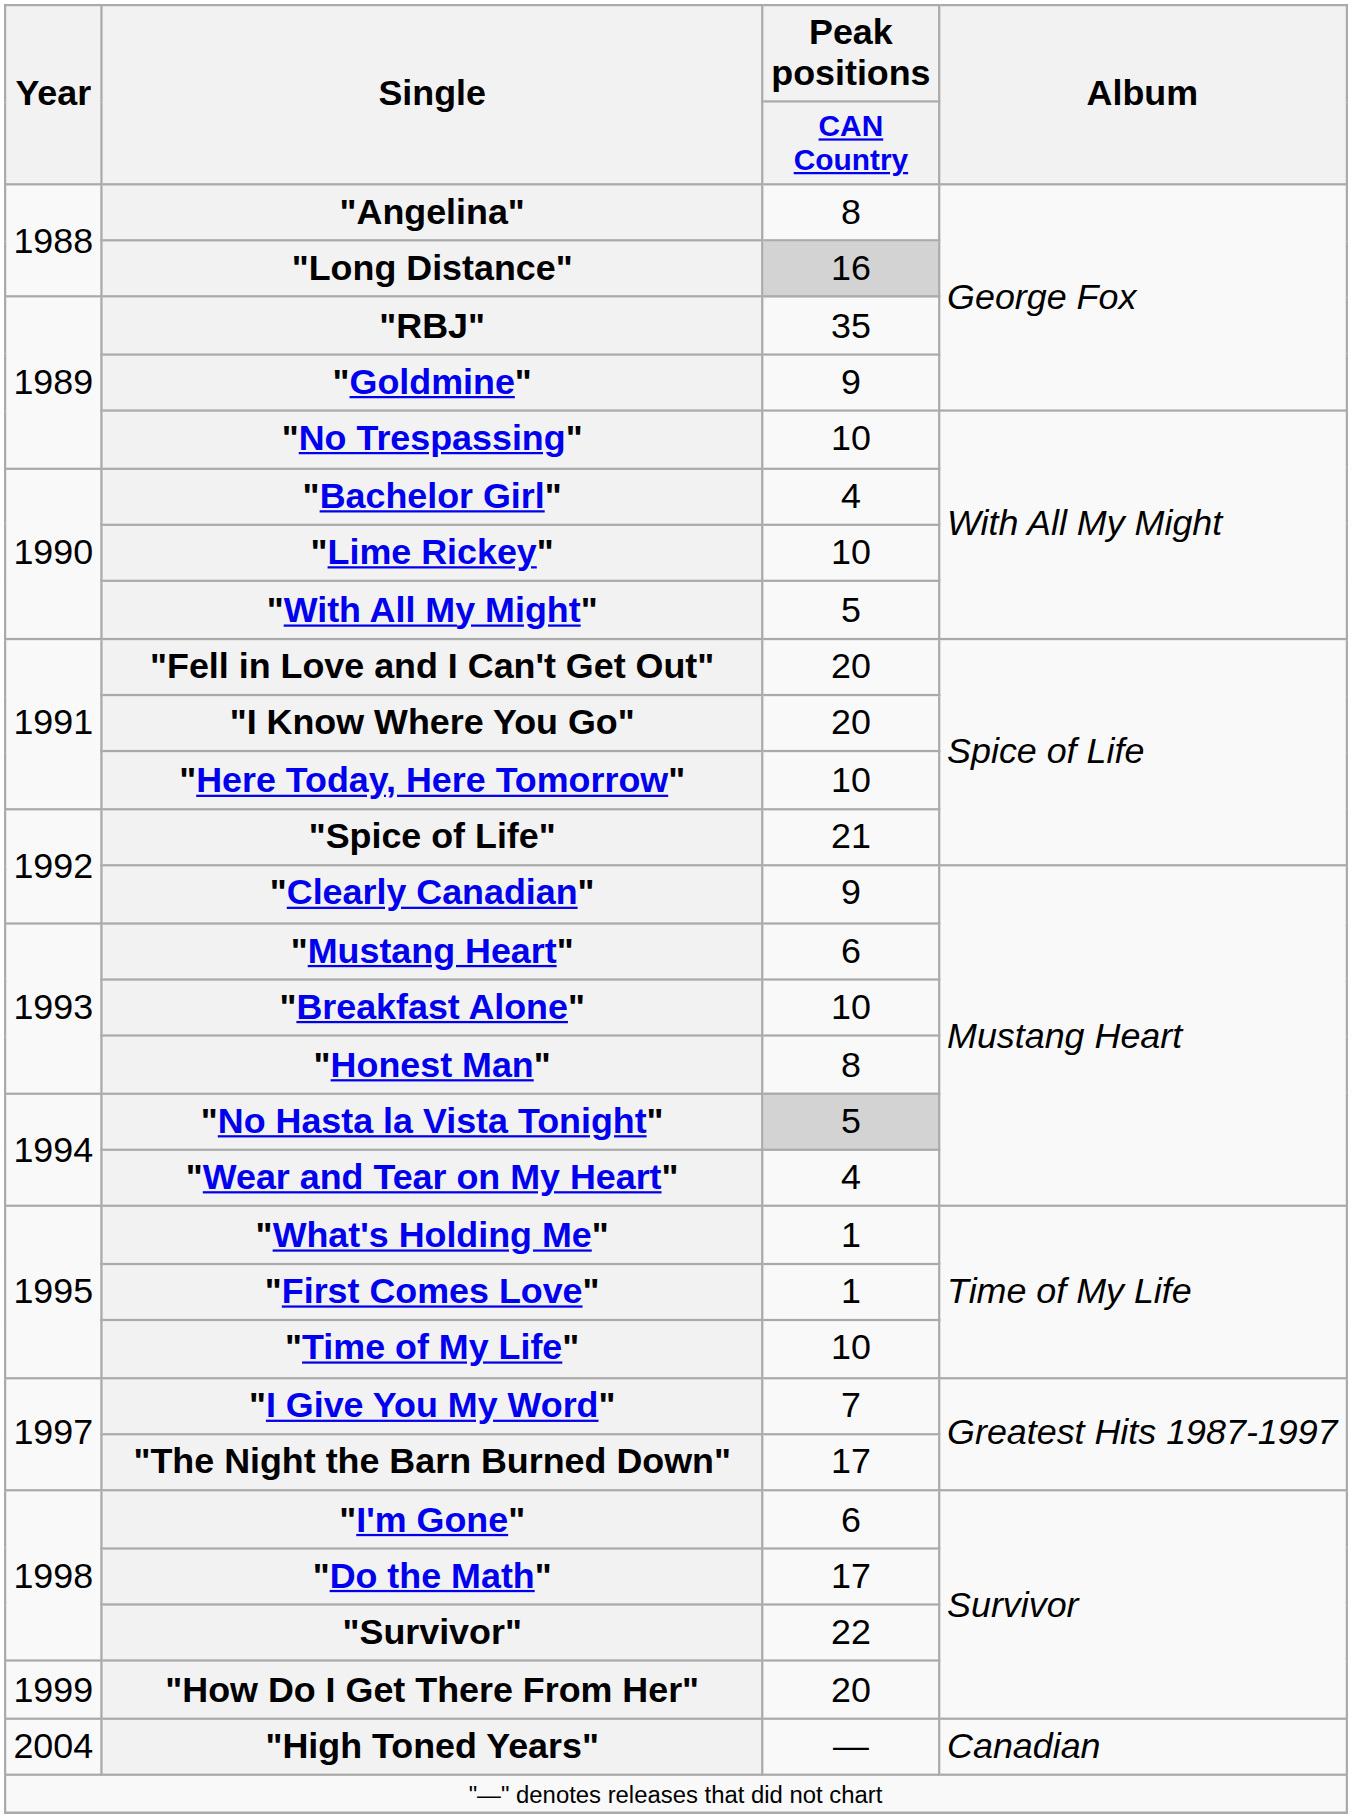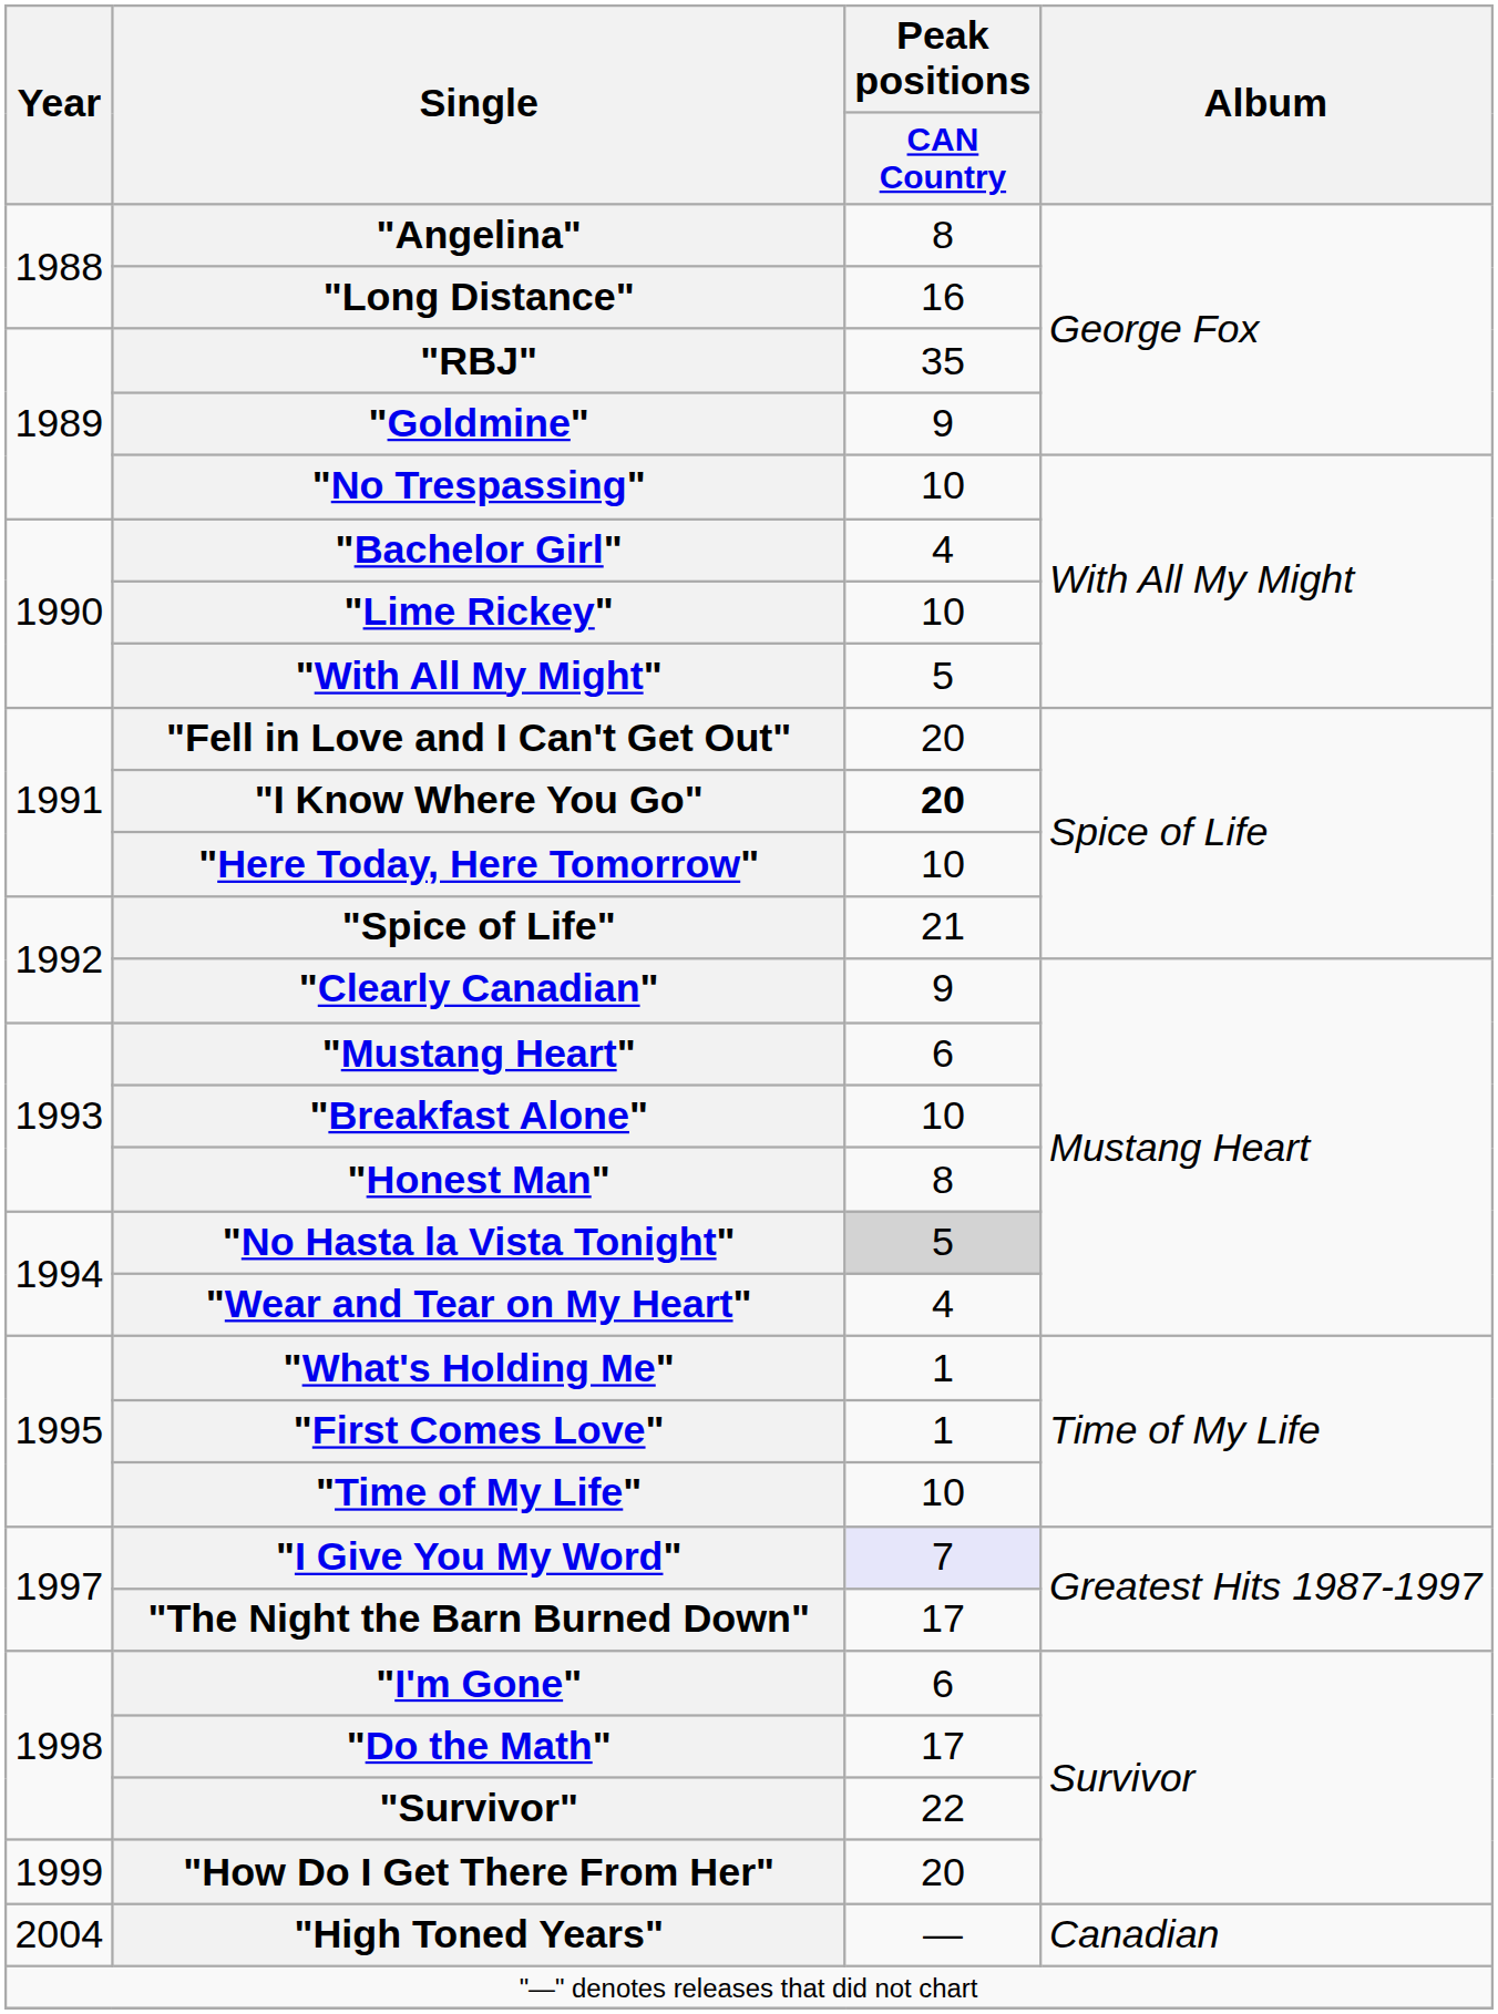 <table class="wikitable plainrowheaders" style="text-align:center;">
 <tr>
 <th rowspan="2">Year</th>
 <th rowspan="2" style="width:18em;">Single</th>
 <th colspan="1">Peak positions</th>
 <th rowspan="2">Album</th>
 </tr>
 <tr style="font-size:smaller;">
 <th width="65"><a href='#'>CAN Country</a></th>
 </tr>
 <tr>
 <td rowspan="2">1988</td>
 <th scope="row">"Angelina"</th>
 <td>8</td>
 <td align="left" rowspan="4"><em>George Fox</em></td>
 </tr>
 <tr>
 <th scope="row">"Long Distance"</th>
-<td style="background: lightgrey;">16</td>
+<td>16</td>
 </tr>
 <tr>
 <td rowspan="3">1989</td>
 <th scope="row">"RBJ"</th>
 <td>35</td>
 </tr>
 <tr>
 <th scope="row">"<a href='#'>Goldmine</a>"</th>
 <td>9</td>
 </tr>
 <tr>
 <th scope="row">"<a href='#'>No Trespassing</a>"</th>
 <td>10</td>
 <td align="left" rowspan="4"><em>With All My Might</em></td>
 </tr>
 <tr>
 <td rowspan="3">1990</td>
 <th scope="row">"<a href='#'>Bachelor Girl</a>"</th>
 <td>4</td>
 </tr>
 <tr>
 <th scope="row">"<a href='#'>Lime Rickey</a>"</th>
 <td>10</td>
 </tr>
 <tr>
 <th scope="row">"<a href='#'>With All My Might</a>"</th>
 <td>5</td>
 </tr>
 <tr>
 <td rowspan="3">1991</td>
 <th scope="row">"Fell in Love and I Can't Get Out"</th>
 <td>20</td>
 <td align="left" rowspan="4"><em>Spice of Life</em></td>
 </tr>
 <tr>
 <th scope="row">"I Know Where You Go"</th>
-<td>20</td>
+<td><strong>20</strong></td>
 </tr>
 <tr>
 <th scope="row">"<a href='#'>Here Today, Here Tomorrow</a>"</th>
 <td>10</td>
 </tr>
 <tr>
 <td rowspan="2">1992</td>
 <th scope="row">"Spice of Life"</th>
 <td>21</td>
 </tr>
 <tr>
 <th scope="row">"<a href='#'>Clearly Canadian</a>"</th>
 <td>9</td>
 <td align="left" rowspan="6"><em>Mustang Heart</em></td>
 </tr>
 <tr>
 <td rowspan="3">1993</td>
 <th scope="row">"<a href='#'>Mustang Heart</a>"</th>
 <td>6</td>
 </tr>
 <tr>
 <th scope="row">"<a href='#'>Breakfast Alone</a>"</th>
 <td>10</td>
 </tr>
 <tr>
 <th scope="row">"<a href='#'>Honest Man</a>"</th>
 <td>8</td>
 </tr>
 <tr>
 <td rowspan="2">1994</td>
 <th scope="row">"<a href='#'>No Hasta la Vista Tonight</a>"</th>
 <td style="background: lightgrey;">5</td>
 </tr>
 <tr>
 <th scope="row">"<a href='#'>Wear and Tear on My Heart</a>"</th>
 <td>4</td>
 </tr>
 <tr>
 <td rowspan="3">1995</td>
 <th scope="row">"<a href='#'>What's Holding Me</a>"</th>
 <td>1</td>
 <td align="left" rowspan="3"><em>Time of My Life</em></td>
 </tr>
 <tr>
 <th scope="row">"<a href='#'>First Comes Love</a>"</th>
 <td>1</td>
 </tr>
 <tr>
 <th scope="row">"<a href='#'>Time of My Life</a>"</th>
 <td>10</td>
 </tr>
 <tr>
 <td rowspan="2">1997</td>
 <th scope="row">"<a href='#'>I Give You My Word</a>"</th>
-<td>7</td>
+<td style="background: lavender;">7</td>
 <td align="left" rowspan="2"><em>Greatest Hits 1987-1997</em></td>
 </tr>
 <tr>
 <th scope="row">"The Night the Barn Burned Down"</th>
 <td>17</td>
 </tr>
 <tr>
 <td rowspan="3">1998</td>
 <th scope="row">"<a href='#'>I'm Gone</a>"</th>
 <td>6</td>
 <td align="left" rowspan="4"><em>Survivor</em></td>
 </tr>
 <tr>
 <th scope="row">"<a href='#'>Do the Math</a>"</th>
 <td>17</td>
 </tr>
 <tr>
 <th scope="row">"Survivor"</th>
 <td>22</td>
 </tr>
 <tr>
 <td>1999</td>
 <th scope="row">"How Do I Get There From Her"</th>
 <td>20</td>
 </tr>
 <tr>
 <td>2004</td>
 <th scope="row">"High Toned Years"</th>
 <td>—</td>
 <td align="left"><em>Canadian</em></td>
 </tr>
 <tr>
 <td colspan="4" style="font-size:8pt">"—" denotes releases that did not chart</td>
 </tr>
 <tr>
 </tr>
 </table>
